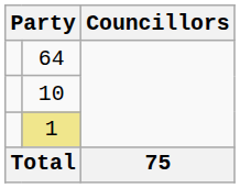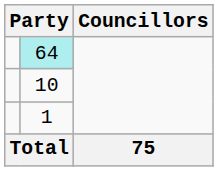 <table class="wikitable">
 <tr>
 <th colspan=2>Party</th>
 <th>Councillors</th>
 </tr>
 <tr>
 <td></td>
-<td align=center>64</td>
+<td align=center style="background: paleturquoise;">64</td>
 </tr>
 <tr>
 <td></td>
 <td align=center>10</td>
 </tr>
 <tr>
 <td></td>
-<td align=center style="background: khaki;">1</td>
+<td align=center>1</td>
 </tr>
 <tr>
 <th colspan=2>Total</th>
 <th align=center>75</th>
 </tr>
 </table>
